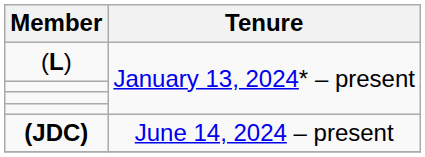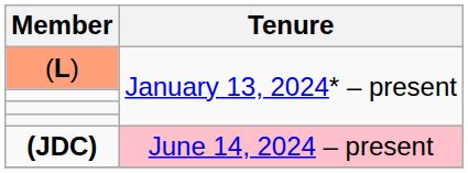 <table class="wikitable sortable" style="text-align:center;">
 <tr>
 <th>Member</th>
 <th>Tenure</th>
 </tr>
 <tr>
-<td> (<strong>L</strong>)</td>
+<td style="background: lightsalmon;"> (<strong>L</strong>)</td>
 <td rowspan="4"><a href='#'>January 13, 2024</a>* – present</td>
 </tr>
 <tr>
 <td></td>
 </tr>
 <tr>
 <td></td>
 </tr>
 <tr>
 <td></td>
 </tr>
 <tr>
 <td><strong> (JDC)</strong></td>
-<td><a href='#'>June 14, 2024</a> – present</td>
+<td style="background: pink;"><a href='#'>June 14, 2024</a> – present</td>
 </tr>
 <tr>
 </tr>
 </table>
